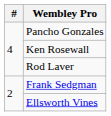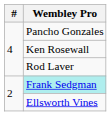 <table class=wikitable style="display:inline-table;">
 <tr>
 <th width=20>#</th>
 <th>Wembley Pro</th>
 </tr>
 <tr>
 <td rowspan="3">4</td>
 <td> Pancho Gonzales</td>
 </tr>
 <tr>
 <td> Ken Rosewall</td>
 </tr>
 <tr>
 <td> Rod Laver</td>
 </tr>
 <tr>
 <td rowspan="2">2</td>
-<td> <a href='#'>Frank Sedgman</a></td>
+<td style="background: paleturquoise;"> <a href='#'>Frank Sedgman</a></td>
 </tr>
 <tr>
 <td> <a href='#'>Ellsworth Vines</a></td>
 </tr>
 </table>
